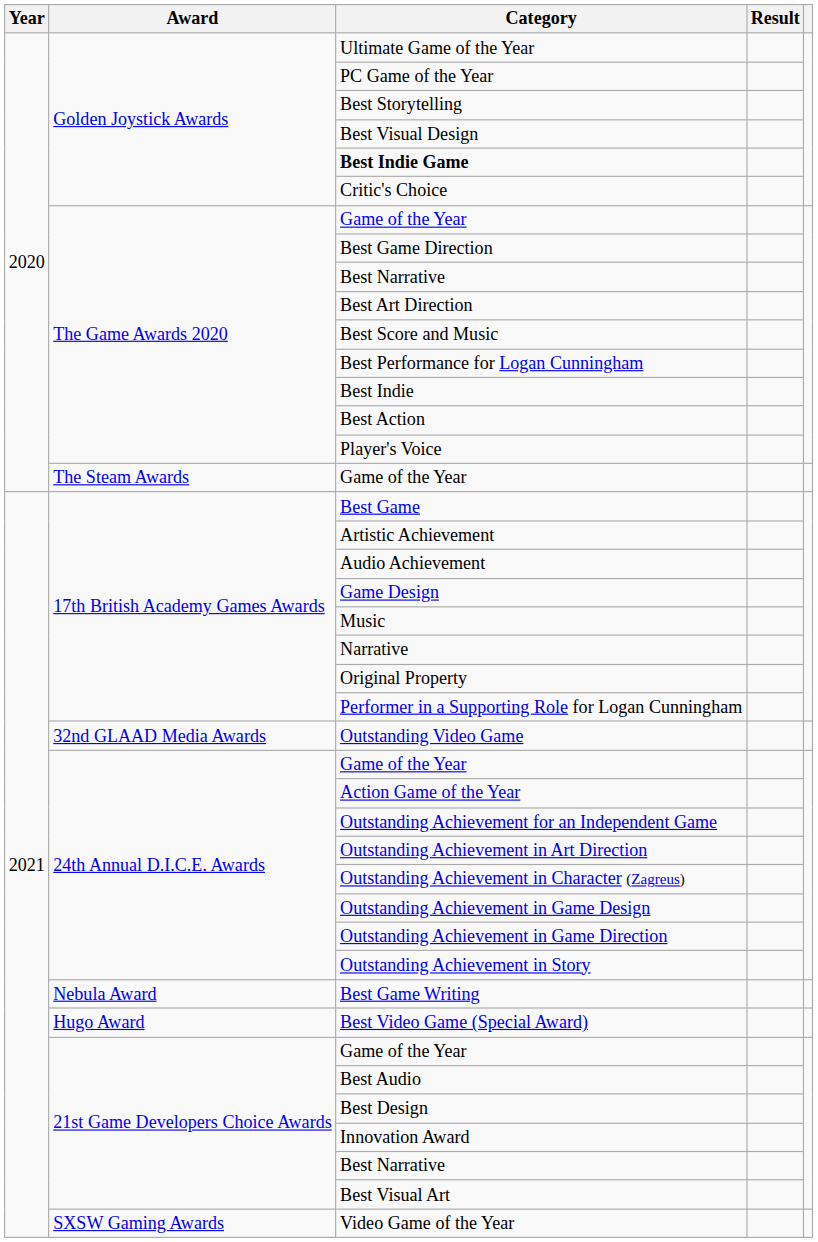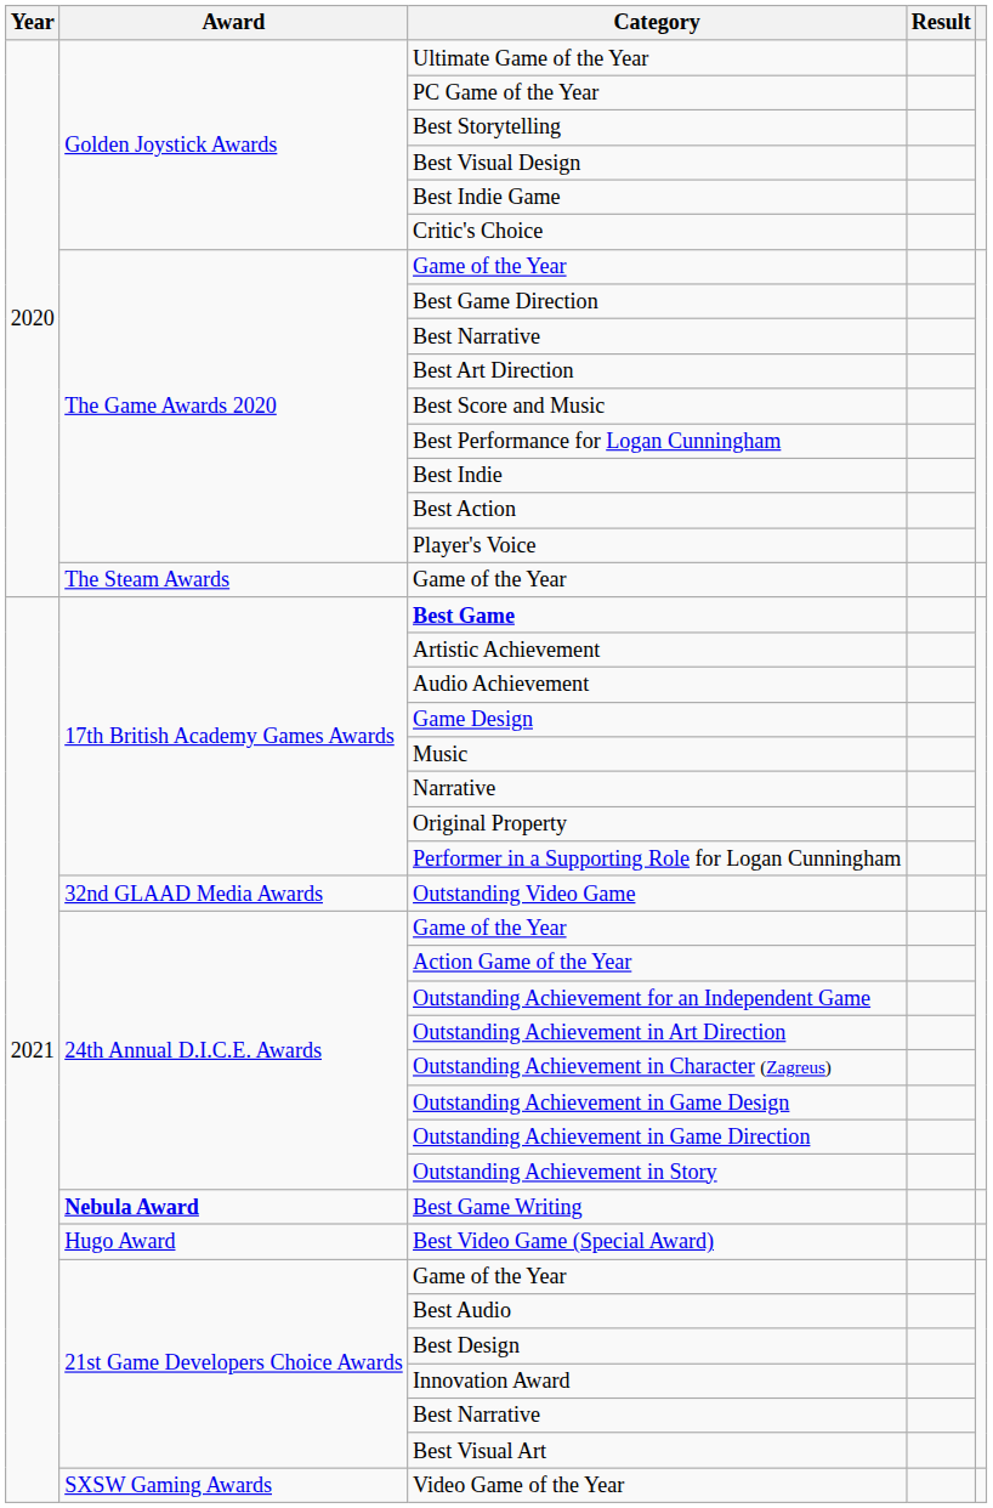 <table class="wikitable sortable">
 <tr>
 <th>Year</th>
 <th>Award</th>
 <th>Category</th>
 <th>Result</th>
 <th></th>
 </tr>
 <tr>
 <td rowspan="16" style="text-align:center;">2020</td>
 <td rowspan="6"><a href='#'>Golden Joystick Awards</a></td>
 <td>Ultimate Game of the Year</td>
 <td></td>
 <td rowspan="6" style="text-align:center;"></td>
 </tr>
 <tr>
 <td>PC Game of the Year</td>
 <td></td>
 </tr>
 <tr>
 <td>Best Storytelling</td>
 <td></td>
 </tr>
 <tr>
 <td>Best Visual Design</td>
 <td></td>
 </tr>
 <tr>
-<td><strong>Best Indie Game</strong></td>
+<td>Best Indie Game</td>
 <td></td>
 </tr>
 <tr>
 <td>Critic's Choice</td>
 <td></td>
 </tr>
 <tr>
 <td rowspan="9"><a href='#'>The Game Awards 2020</a></td>
 <td><a href='#'>Game of the Year</a></td>
 <td></td>
 <td rowspan="9" style="text-align:center;"></td>
 </tr>
 <tr>
 <td>Best Game Direction</td>
 <td></td>
 </tr>
 <tr>
 <td>Best Narrative</td>
 <td></td>
 </tr>
 <tr>
 <td>Best Art Direction</td>
 <td></td>
 </tr>
 <tr>
 <td>Best Score and Music</td>
 <td></td>
 </tr>
 <tr>
 <td>Best Performance for <a href='#'>Logan Cunningham</a></td>
 <td></td>
 </tr>
 <tr>
 <td>Best Indie</td>
 <td></td>
 </tr>
 <tr>
 <td>Best Action</td>
 <td></td>
 </tr>
 <tr>
 <td>Player's Voice</td>
 <td></td>
 </tr>
 <tr>
 <td><a href='#'>The Steam Awards</a></td>
 <td>Game of the Year</td>
 <td></td>
 <td style="text-align:center;"></td>
 </tr>
 <tr>
 <td rowspan="26" style="text-align:center;">2021</td>
 <td rowspan="8"><a href='#'>17th British Academy Games Awards</a></td>
-<td><a href='#'>Best Game</a></td>
+<td><strong><a href='#'>Best Game</a></strong></td>
 <td></td>
 <td rowspan="8" style="text-align:center;"></td>
 </tr>
 <tr>
 <td>Artistic Achievement</td>
 <td></td>
 </tr>
 <tr>
 <td>Audio Achievement</td>
 <td></td>
 </tr>
 <tr>
 <td><a href='#'>Game Design</a></td>
 <td></td>
 </tr>
 <tr>
 <td>Music</td>
 <td></td>
 </tr>
 <tr>
 <td>Narrative</td>
 <td></td>
 </tr>
 <tr>
 <td>Original Property</td>
 <td></td>
 </tr>
 <tr>
 <td><a href='#'>Performer in a Supporting Role</a> for Logan Cunningham</td>
 <td></td>
 </tr>
 <tr>
 <td><a href='#'>32nd GLAAD Media Awards</a></td>
 <td><a href='#'>Outstanding Video Game</a></td>
 <td></td>
 <td style="text-align:center;"></td>
 </tr>
 <tr>
 <td rowspan="8"><a href='#'>24th Annual D.I.C.E. Awards</a></td>
 <td><a href='#'>Game of the Year</a></td>
 <td></td>
 <td rowspan="8" style="text-align:center;"></td>
 </tr>
 <tr>
 <td><a href='#'>Action Game of the Year</a></td>
 <td></td>
 </tr>
 <tr>
 <td><a href='#'>Outstanding Achievement for an Independent Game</a></td>
 <td></td>
 </tr>
 <tr>
 <td><a href='#'>Outstanding Achievement in Art Direction</a></td>
 <td></td>
 </tr>
 <tr>
 <td><a href='#'>Outstanding Achievement in Character</a> <small>(<a href='#'>Zagreus</a>)</small></td>
 <td></td>
 </tr>
 <tr>
 <td><a href='#'>Outstanding Achievement in Game Design</a></td>
 <td></td>
 </tr>
 <tr>
 <td><a href='#'>Outstanding Achievement in Game Direction</a></td>
 <td></td>
 </tr>
 <tr>
 <td><a href='#'>Outstanding Achievement in Story</a></td>
 <td></td>
 </tr>
 <tr>
-<td><a href='#'>Nebula Award</a></td>
+<td><strong><a href='#'>Nebula Award</a></strong></td>
 <td><a href='#'>Best Game Writing</a></td>
 <td></td>
 <td style="text-align:center;"></td>
 </tr>
 <tr>
 <td><a href='#'>Hugo Award</a></td>
 <td><a href='#'>Best Video Game (Special Award)</a></td>
 <td></td>
 <td style="text-align:center;"></td>
 </tr>
 <tr>
 <td rowspan="6"><a href='#'>21st Game Developers Choice Awards</a></td>
 <td>Game of the Year</td>
 <td></td>
 <td rowspan="6" style="text-align:center;"></td>
 </tr>
 <tr>
 <td>Best Audio</td>
 <td></td>
 </tr>
 <tr>
 <td>Best Design</td>
 <td></td>
 </tr>
 <tr>
 <td>Innovation Award</td>
 <td></td>
 </tr>
 <tr>
 <td>Best Narrative</td>
 <td></td>
 </tr>
 <tr>
 <td>Best Visual Art</td>
 <td></td>
 </tr>
 <tr>
 <td><a href='#'>SXSW Gaming Awards</a></td>
 <td>Video Game of the Year</td>
 <td></td>
 <td style="text-align:center;"></td>
 </tr>
 </table>
